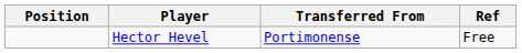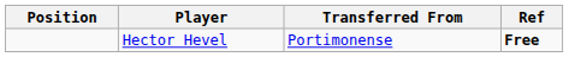 <table class="wikitable sortable" style="width:80%; font-size:100%; text-align:left;">
 <tr>
 <th>Position</th>
 <th>Player</th>
 <th>Transferred From</th>
 <th>Ref</th>
 </tr>
 <tr>
 <td></td>
 <td> <a href='#'>Hector Hevel</a></td>
 <td> <a href='#'>Portimonense</a></td>
-<td>Free</td>
+<td><strong>Free</strong></td>
 </tr>
 <tr>
 </tr>
 </table>
